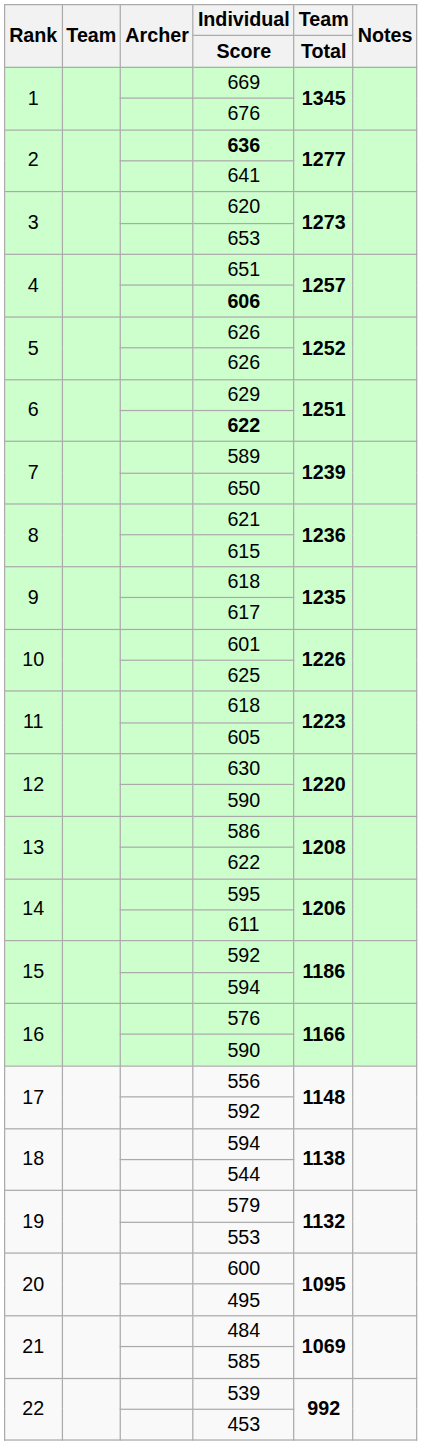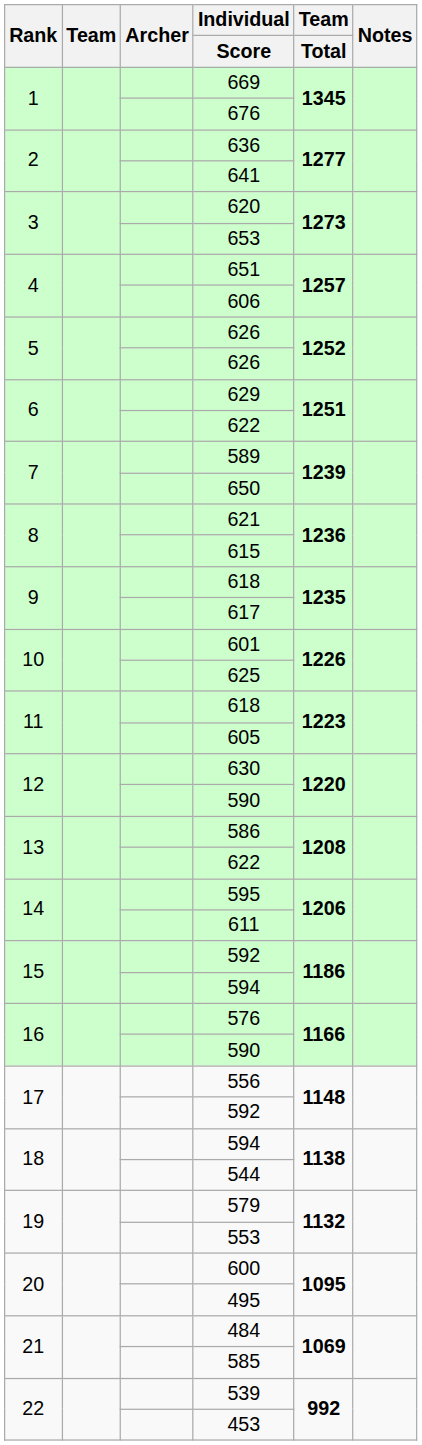 <table class="wikitable sortable" style="font-size:100%; text-align:center;">
 <tr>
 <th rowspan="2">Rank</th>
 <th rowspan="2">Team</th>
 <th rowspan="2">Archer</th>
 <th colspan="1">Individual</th>
 <th colspan="1">Team</th>
 <th rowspan="2">Notes</th>
 </tr>
 <tr>
 <th>Score</th>
 <th>Total</th>
 </tr>
 <tr bgcolor="#ccffcc">
 <td rowspan="2">1</td>
 <td align="left" rowspan="2"></td>
 <td align="left"></td>
 <td>669</td>
 <td rowspan="2"><strong>1345</strong></td>
 <td rowspan="2"></td>
 </tr>
 <tr bgcolor="#ccffcc">
 <td align="left"></td>
 <td>676</td>
 </tr>
 <tr bgcolor="#ccffcc">
 <td rowspan="2">2</td>
 <td align="left" rowspan="2"></td>
 <td align="left"></td>
-<td><strong>636</strong></td>
+<td>636</td>
 <td rowspan="2"><strong>1277</strong></td>
 <td rowspan="2"></td>
 </tr>
 <tr bgcolor="#ccffcc">
 <td align="left"></td>
 <td>641</td>
 </tr>
 <tr bgcolor="#ccffcc">
 <td rowspan="2">3</td>
 <td align="left" rowspan="2"></td>
 <td align="left"></td>
 <td>620</td>
 <td rowspan="2"><strong>1273</strong></td>
 <td rowspan="2"></td>
 </tr>
 <tr bgcolor="#ccffcc">
 <td align="left"></td>
 <td>653</td>
 </tr>
 <tr bgcolor="#ccffcc">
 <td rowspan="2">4</td>
 <td align="left" rowspan="2"></td>
 <td align="left"></td>
 <td>651</td>
 <td rowspan="2"><strong>1257</strong></td>
 <td rowspan="2"></td>
 </tr>
 <tr bgcolor="#ccffcc">
 <td align="left"></td>
-<td><strong>606</strong></td>
+<td>606</td>
 </tr>
 <tr bgcolor="#ccffcc">
 <td rowspan="2">5</td>
 <td align="left" rowspan="2"></td>
 <td align="left"></td>
 <td>626</td>
 <td rowspan="2"><strong>1252</strong></td>
 <td rowspan="2"></td>
 </tr>
 <tr bgcolor="#ccffcc">
 <td align="left"></td>
 <td>626</td>
 </tr>
 <tr bgcolor="#ccffcc">
 <td rowspan="2">6</td>
 <td align="left" rowspan="2"></td>
 <td align="left"></td>
 <td>629</td>
 <td rowspan="2"><strong>1251</strong></td>
 <td rowspan="2"></td>
 </tr>
 <tr bgcolor="#ccffcc">
 <td align="left"></td>
-<td><strong>622</strong></td>
+<td>622</td>
 </tr>
 <tr bgcolor="#ccffcc">
 <td rowspan="2">7</td>
 <td align="left" rowspan="2"></td>
 <td align="left"></td>
 <td>589</td>
 <td rowspan="2"><strong>1239</strong></td>
 <td rowspan="2"></td>
 </tr>
 <tr bgcolor="#ccffcc">
 <td align="left"></td>
 <td>650</td>
 </tr>
 <tr bgcolor="#ccffcc">
 <td rowspan="2">8</td>
 <td align="left" rowspan="2"></td>
 <td align="left"></td>
 <td>621</td>
 <td rowspan="2"><strong>1236</strong></td>
 <td rowspan="2"></td>
 </tr>
 <tr bgcolor="#ccffcc">
 <td align="left"></td>
 <td>615</td>
 </tr>
 <tr bgcolor="#ccffcc">
 <td rowspan="2">9</td>
 <td align="left" rowspan="2"></td>
 <td align="left"></td>
 <td>618</td>
 <td rowspan="2"><strong>1235</strong></td>
 <td rowspan="2"></td>
 </tr>
 <tr bgcolor="#ccffcc">
 <td align="left"></td>
 <td>617</td>
 </tr>
 <tr bgcolor="#ccffcc">
 <td rowspan="2">10</td>
 <td align="left" rowspan="2"></td>
 <td align="left"></td>
 <td>601</td>
 <td rowspan="2"><strong>1226</strong></td>
 <td rowspan="2"></td>
 </tr>
 <tr bgcolor="#ccffcc">
 <td align="left"></td>
 <td>625</td>
 </tr>
 <tr bgcolor="#ccffcc">
 <td rowspan="2">11</td>
 <td align="left" rowspan="2"></td>
 <td align="left"></td>
 <td>618</td>
 <td rowspan="2"><strong>1223</strong></td>
 <td rowspan="2"></td>
 </tr>
 <tr bgcolor="#ccffcc">
 <td align="left"></td>
 <td>605</td>
 </tr>
 <tr bgcolor="#ccffcc">
 <td rowspan="2">12</td>
 <td align="left" rowspan="2"></td>
 <td align="left"></td>
 <td>630</td>
 <td rowspan="2"><strong>1220</strong></td>
 <td rowspan="2"></td>
 </tr>
 <tr bgcolor="#ccffcc">
 <td align="left"></td>
 <td>590</td>
 </tr>
 <tr bgcolor="#ccffcc">
 <td rowspan="2">13</td>
 <td align="left" rowspan="2"></td>
 <td align="left"></td>
 <td>586</td>
 <td rowspan="2"><strong>1208</strong></td>
 <td rowspan="2"></td>
 </tr>
 <tr bgcolor="#ccffcc">
 <td align="left"></td>
 <td>622</td>
 </tr>
 <tr bgcolor="#ccffcc">
 <td rowspan="2">14</td>
 <td align="left" rowspan="2"></td>
 <td align="left"></td>
 <td>595</td>
 <td rowspan="2"><strong>1206</strong></td>
 <td rowspan="2"></td>
 </tr>
 <tr bgcolor="#ccffcc">
 <td align="left"></td>
 <td>611</td>
 </tr>
 <tr bgcolor="#ccffcc">
 <td rowspan="2">15</td>
 <td align="left" rowspan="2"></td>
 <td align="left"></td>
 <td>592</td>
 <td rowspan="2"><strong>1186</strong></td>
 <td rowspan="2"></td>
 </tr>
 <tr bgcolor="#ccffcc">
 <td align="left"></td>
 <td>594</td>
 </tr>
 <tr bgcolor="#ccffcc">
 <td rowspan="2">16</td>
 <td align="left" rowspan="2"></td>
 <td align="left"></td>
 <td>576</td>
 <td rowspan="2"><strong>1166</strong></td>
 <td rowspan="2"></td>
 </tr>
 <tr bgcolor="#ccffcc">
 <td align="left"></td>
 <td>590</td>
 </tr>
 <tr>
 <td rowspan="2">17</td>
 <td align="left" rowspan="2"></td>
 <td align="left"></td>
 <td>556</td>
 <td rowspan="2"><strong>1148</strong></td>
 <td rowspan="2"></td>
 </tr>
 <tr>
 <td align="left"></td>
 <td>592</td>
 </tr>
 <tr>
 <td rowspan="2">18</td>
 <td align="left" rowspan="2"></td>
 <td align="left"></td>
 <td>594</td>
 <td rowspan="2"><strong>1138</strong></td>
 <td rowspan="2"></td>
 </tr>
 <tr>
 <td align="left"></td>
 <td>544</td>
 </tr>
 <tr>
 <td rowspan="2">19</td>
 <td align="left" rowspan="2"></td>
 <td align="left"></td>
 <td>579</td>
 <td rowspan="2"><strong>1132</strong></td>
 <td rowspan="2"></td>
 </tr>
 <tr>
 <td align="left"></td>
 <td>553</td>
 </tr>
 <tr>
 <td rowspan="2">20</td>
 <td align="left" rowspan="2"></td>
 <td align="left"></td>
 <td>600</td>
 <td rowspan="2"><strong>1095</strong></td>
 <td rowspan="2"></td>
 </tr>
 <tr>
 <td align="left"></td>
 <td>495</td>
 </tr>
 <tr>
 <td rowspan="2">21</td>
 <td align="left" rowspan="2"></td>
 <td align="left"></td>
 <td>484</td>
 <td rowspan="2"><strong>1069</strong></td>
 <td rowspan="2"></td>
 </tr>
 <tr>
 <td align="left"></td>
 <td>585</td>
 </tr>
 <tr>
 <td rowspan="2">22</td>
 <td align="left" rowspan="2"></td>
 <td align="left"></td>
 <td>539</td>
 <td rowspan="2"><strong>992</strong></td>
 <td rowspan="2"></td>
 </tr>
 <tr>
 <td align="left"></td>
 <td>453</td>
 </tr>
 </table>
